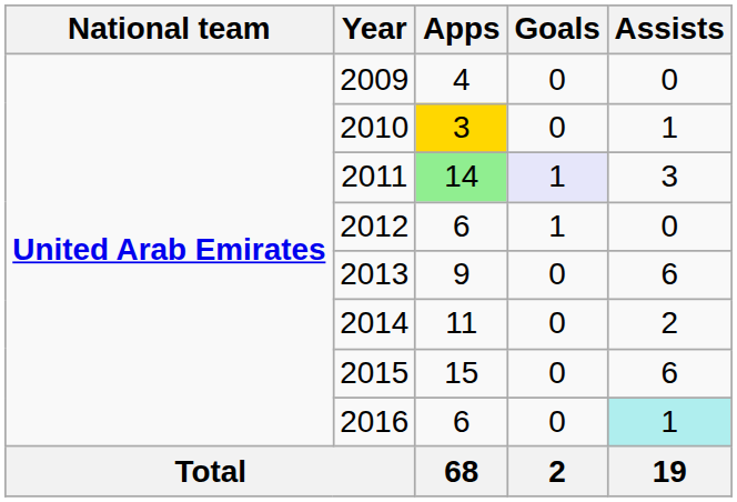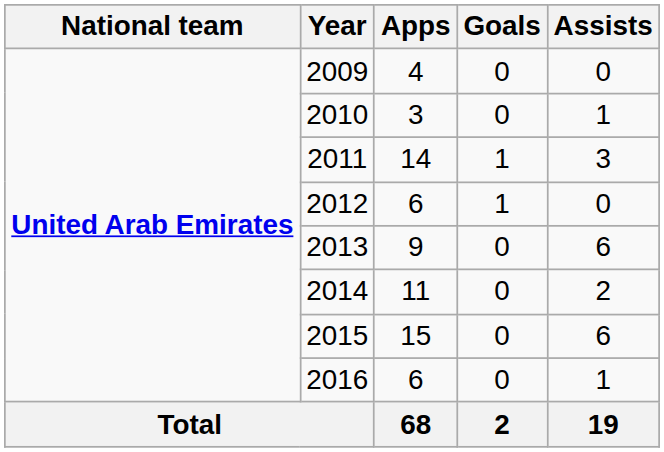 <table class="wikitable" style="font-size:100%; text-align: center">
 <tr>
 <th>National team</th>
 <th>Year</th>
 <th>Apps</th>
 <th>Goals</th>
 <th>Assists</th>
 </tr>
 <tr>
 <td rowspan="8"><strong><a href='#'>United Arab Emirates</a></strong></td>
 <td>2009</td>
 <td>4</td>
 <td>0</td>
 <td>0</td>
 </tr>
 <tr>
 <td>2010</td>
-<td style="background: gold;">3</td>
+<td>3</td>
 <td>0</td>
 <td>1</td>
 </tr>
 <tr>
 <td>2011</td>
-<td style="background: lightgreen;">14</td>
-<td style="background: lavender;">1</td>
+<td>14</td>
+<td>1</td>
 <td>3</td>
 </tr>
 <tr>
 <td>2012</td>
 <td>6</td>
 <td>1</td>
 <td>0</td>
 </tr>
 <tr>
 <td>2013</td>
 <td>9</td>
 <td>0</td>
 <td>6</td>
 </tr>
 <tr>
 <td>2014</td>
 <td>11</td>
 <td>0</td>
 <td>2</td>
 </tr>
 <tr>
 <td>2015</td>
 <td>15</td>
 <td>0</td>
 <td>6</td>
 </tr>
 <tr>
 <td>2016</td>
 <td>6</td>
 <td>0</td>
-<td style="background: paleturquoise;">1</td>
+<td>1</td>
 </tr>
 <tr>
 <th colspan=2>Total</th>
 <th>68</th>
 <th>2</th>
 <th>19</th>
 </tr>
 </table>
